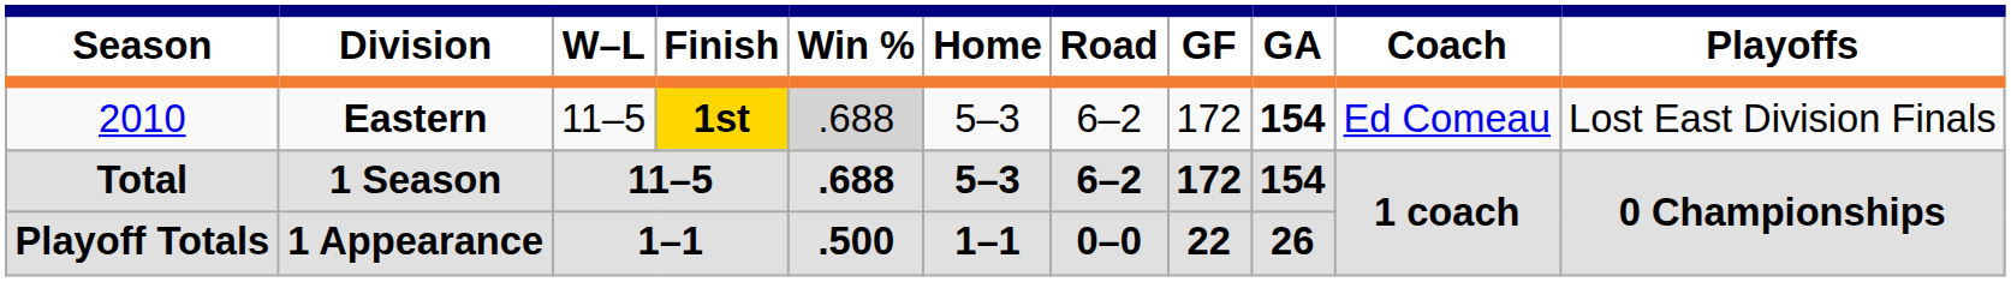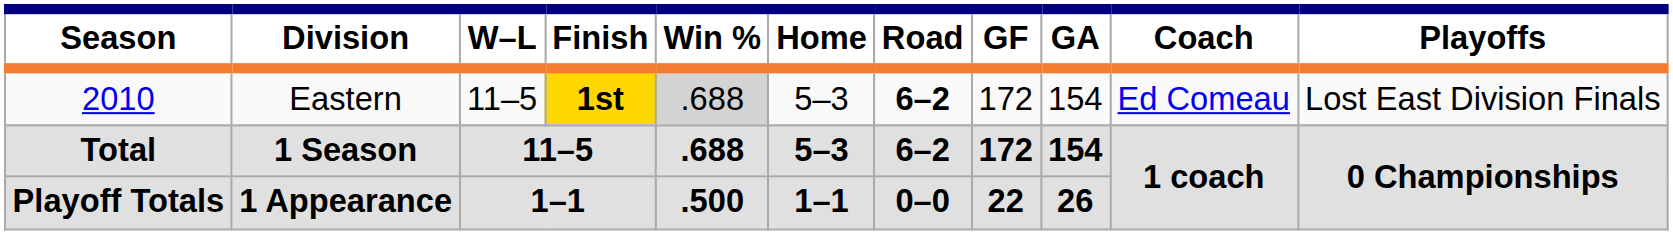 <table class="wikitable">
 <tr>
 <th style="background:#FFFFFF;border-top:navy 5px solid;border-bottom:#F47C30 5px solid;">Season</th>
 <th style="background:#FFFFFF;border-top:navy 5px solid;border-bottom:#F47C30 5px solid;">Division</th>
 <th style="background:#FFFFFF;border-top:navy 5px solid;border-bottom:#F47C30 5px solid;">W–L</th>
 <th style="background:#FFFFFF;border-top:navy 5px solid;border-bottom:#F47C30 5px solid;">Finish</th>
 <th style="background:#FFFFFF;border-top:navy 5px solid;border-bottom:#F47C30 5px solid;">Win %</th>
 <th style="background:#FFFFFF;border-top:navy 5px solid;border-bottom:#F47C30 5px solid;">Home</th>
 <th style="background:#FFFFFF;border-top:navy 5px solid;border-bottom:#F47C30 5px solid;">Road</th>
 <th style="background:#FFFFFF;border-top:navy 5px solid;border-bottom:#F47C30 5px solid;">GF</th>
 <th style="background:#FFFFFF;border-top:navy 5px solid;border-bottom:#F47C30 5px solid;">GA</th>
 <th style="background:#FFFFFF;border-top:navy 5px solid;border-bottom:#F47C30 5px solid;">Coach</th>
 <th style="background:#FFFFFF;border-top:navy 5px solid;border-bottom:#F47C30 5px solid;">Playoffs</th>
 </tr>
 <tr ALIGN=center>
 <td><a href='#'>2010</a></td>
-<td><strong>Eastern</strong></td>
+<td>Eastern</td>
 <td>11–5</td>
 <td bgcolor="gold"><strong>1st</strong></td>
 <td style="background: lightgrey;">.688</td>
 <td>5–3</td>
-<td>6–2</td>
+<td><strong>6–2</strong></td>
 <td>172</td>
-<td><strong>154</strong></td>
+<td>154</td>
 <td><a href='#'>Ed Comeau</a></td>
 <td>Lost East Division Finals</td>
 </tr>
 <tr ALIGN=center | bgcolor="#e0e0e0">
 <td><strong>Total</strong></td>
 <td><strong>1 Season</strong></td>
 <td colspan="2"><strong>11–5</strong></td>
 <td><strong>.688</strong></td>
 <td><strong>5–3</strong></td>
 <td><strong>6–2</strong></td>
 <td><strong>172</strong></td>
 <td><strong>154</strong></td>
 <td rowspan="2"><strong>1 coach</strong></td>
 <td rowspan="2"><strong>0 Championships</strong></td>
 </tr>
 <tr ALIGN=center | bgcolor="#e0e0e0">
 <td><strong>Playoff Totals</strong></td>
 <td><strong>1 Appearance</strong></td>
 <td colspan="2"><strong>1–1</strong></td>
 <td><strong>.500</strong></td>
 <td><strong>1–1</strong></td>
 <td><strong>0–0</strong></td>
 <td><strong>22</strong></td>
 <td><strong>26</strong></td>
 </tr>
 </table>
